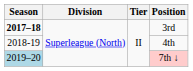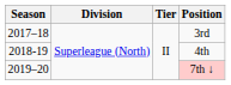 <table class="wikitable">
 <tr>
 <th>Season</th>
 <th>Division</th>
 <th>Tier</th>
 <th>Position</th>
 </tr>
 <tr align="center">
-<td><strong>2017–18</strong></td>
+<td>2017–18</td>
 <td rowspan=3 align="center"><a href='#'>Superleague (North)</a></td>
 <td rowspan=3 align="center">II</td>
 <td>3rd</td>
 </tr>
 <tr align="center">
 <td>2018-19</td>
 <td>4th</td>
 </tr>
 <tr align="center">
-<td style="background: lightblue;">2019–20</td>
+<td>2019–20</td>
 <td bgcolor="#ffcccc">7th ↓</td>
 </tr>
 </table>
